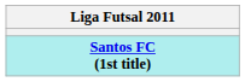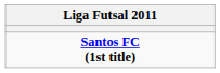 <table class="wikitable" style="margin: 0 auto; width: 20%;">
 <tr>
 <th>Liga Futsal 2011</th>
 </tr>
 <tr>
 <th></th>
 </tr>
 <tr>
-<td align=center style="background: paleturquoise;"><strong><a href='#'>Santos FC</a></strong> <br> <strong>(1st title)</strong></td>
+<td align=center><strong><a href='#'>Santos FC</a></strong> <br> <strong>(1st title)</strong></td>
 </tr>
 </table>
